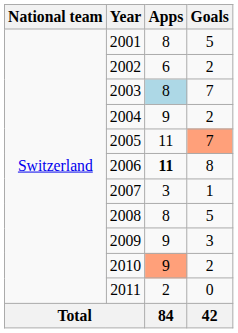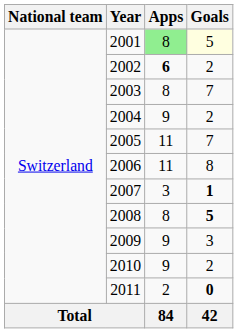 <table class="wikitable" style="text-align:center">
 <tr>
 <th>National team</th>
 <th>Year</th>
 <th>Apps</th>
 <th>Goals</th>
 </tr>
 <tr>
 <td rowspan="11"><a href='#'>Switzerland</a></td>
 <td>2001</td>
-<td>8</td>
-<td>5</td>
+<td style="background: lightgreen;">8</td>
+<td style="background: lightyellow;">5</td>
 </tr>
 <tr>
 <td>2002</td>
-<td>6</td>
+<td><strong>6</strong></td>
 <td>2</td>
 </tr>
 <tr>
 <td>2003</td>
-<td style="background: lightblue;">8</td>
+<td>8</td>
 <td>7</td>
 </tr>
 <tr>
 <td>2004</td>
 <td>9</td>
 <td>2</td>
 </tr>
 <tr>
 <td>2005</td>
 <td>11</td>
-<td style="background: lightsalmon;">7</td>
+<td>7</td>
 </tr>
 <tr>
 <td>2006</td>
-<td><strong>11</strong></td>
+<td>11</td>
 <td>8</td>
 </tr>
 <tr>
 <td>2007</td>
 <td>3</td>
-<td>1</td>
+<td><strong>1</strong></td>
 </tr>
 <tr>
 <td>2008</td>
 <td>8</td>
-<td>5</td>
+<td><strong>5</strong></td>
 </tr>
 <tr>
 <td>2009</td>
 <td>9</td>
 <td>3</td>
 </tr>
 <tr>
 <td>2010</td>
-<td style="background: lightsalmon;">9</td>
+<td>9</td>
 <td>2</td>
 </tr>
 <tr>
 <td>2011</td>
 <td>2</td>
-<td>0</td>
+<td><strong>0</strong></td>
 </tr>
 <tr>
 <th colspan="2">Total</th>
 <th>84</th>
 <th>42</th>
 </tr>
 </table>
